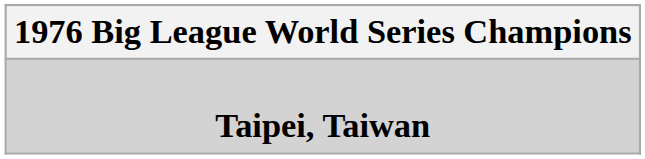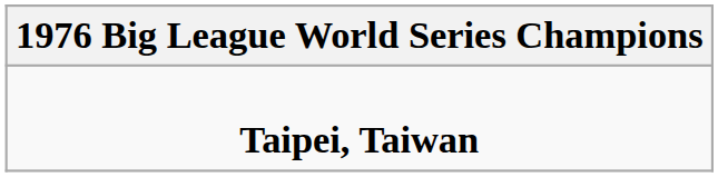 <table class="wikitable" style="text-align: center; margin: 0 auto;">
 <tr>
 <th>1976 Big League World Series Champions</th>
 </tr>
 <tr>
-<td style="background: lightgrey;"><br><strong>Taipei, Taiwan</strong></td>
+<td><br><strong>Taipei, Taiwan</strong></td>
 </tr>
 </table>
